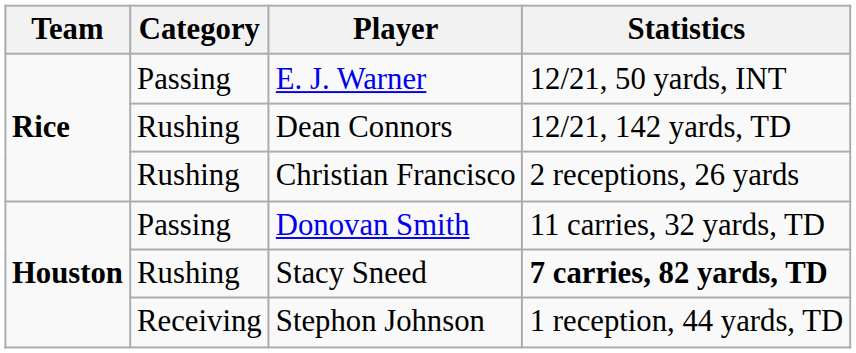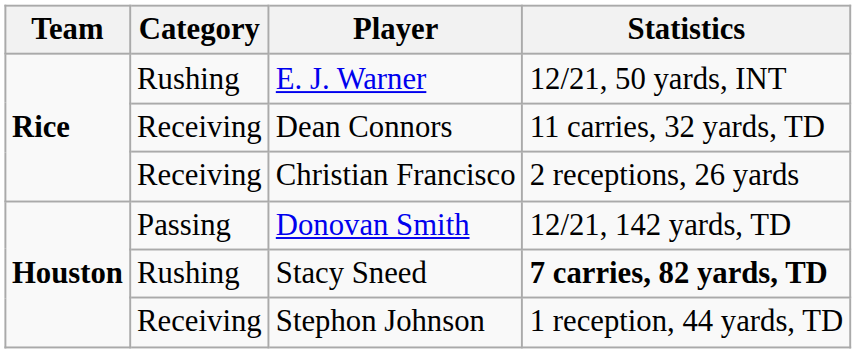 <table class="wikitable" style="float: right;">
 <tr>
 <th>Team</th>
 <th>Category</th>
 <th>Player</th>
 <th>Statistics</th>
 </tr>
 <tr>
 <td rowspan=3><strong>Rice</strong></td>
-<td>Passing</td>
+<td>Rushing</td>
 <td><a href='#'>E. J. Warner</a></td>
 <td>12/21, 50 yards, INT</td>
 </tr>
 <tr>
-<td>Rushing</td>
+<td>Receiving</td>
 <td>Dean Connors</td>
-<td>12/21, 142 yards, TD</td>
+<td>11 carries, 32 yards, TD</td>
 </tr>
 <tr>
-<td>Rushing</td>
+<td>Receiving</td>
 <td>Christian Francisco</td>
 <td>2 receptions, 26 yards</td>
 </tr>
 <tr>
 <td rowspan=3><strong>Houston</strong></td>
 <td>Passing</td>
 <td><a href='#'>Donovan Smith</a></td>
-<td>11 carries, 32 yards, TD</td>
+<td>12/21, 142 yards, TD</td>
 </tr>
 <tr>
 <td>Rushing</td>
 <td>Stacy Sneed</td>
 <td><strong>7 carries, 82 yards, TD</strong></td>
 </tr>
 <tr>
 <td>Receiving</td>
 <td>Stephon Johnson</td>
 <td>1 reception, 44 yards, TD</td>
 </tr>
 </table>
